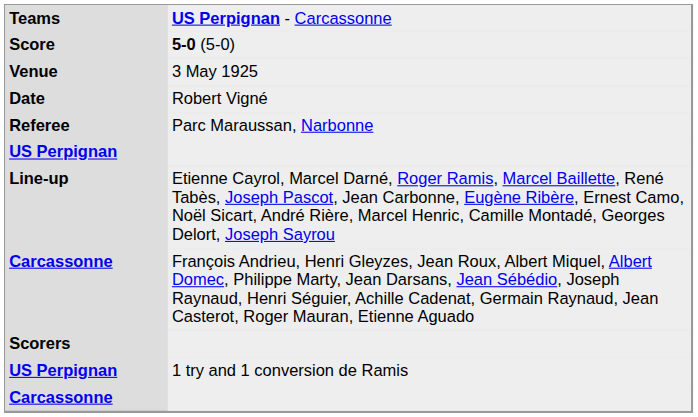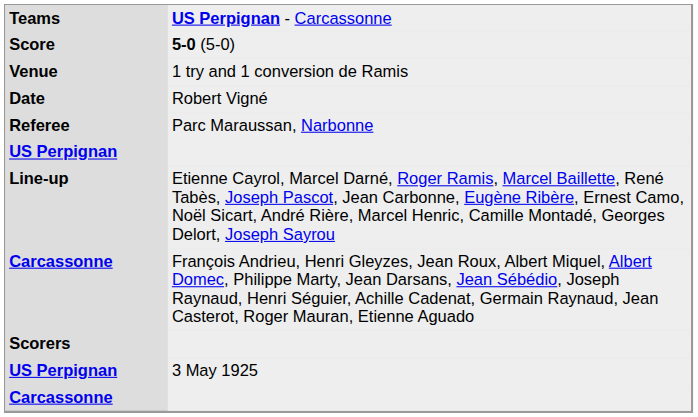 <table align="left" cellpadding="4" cellspacing="0"  style="margin: 0 0 0 0; border: 1px solid #999; border-right-width: 2px; border-bottom-width: 2px; background-color: #DDDDDD">
 <tr>
 <td width="150" valign="top"><strong>Teams</strong></td>
 <td width="500" bgcolor=#EEEEEE><strong><a href='#'>US Perpignan</a></strong> - <a href='#'>Carcassonne</a></td>
 </tr>
 <tr>
 <td valign="top"><strong>Score</strong></td>
 <td bgcolor=#EEEEEE><strong>5-0</strong> (5-0)</td>
 </tr>
 <tr>
 <td valign="top"><strong>Venue</strong></td>
-<td bgcolor=#EEEEEE>3 May 1925</td>
+<td bgcolor=#EEEEEE>1 try  and 1 conversion de Ramis</td>
 </tr>
 <tr>
 <td valign="top"><strong>Date</strong></td>
 <td bgcolor=#EEEEEE>Robert Vigné</td>
 </tr>
 <tr>
 <td valign="top"><strong>Referee</strong></td>
 <td bgcolor=#EEEEEE>Parc Maraussan, <a href='#'>Narbonne</a></td>
 </tr>
 <tr>
 <td valign="top"><strong><a href='#'>US Perpignan</a> </strong></td>
 <td bgcolor=#EEEEEE></td>
 </tr>
 <tr>
 <td valign="top"><strong>Line-up</strong></td>
 <td bgcolor=#EEEEEE>Etienne Cayrol, Marcel Darné, <a href='#'>Roger Ramis</a>, <a href='#'>Marcel Baillette</a>, René Tabès, <a href='#'>Joseph Pascot</a>, Jean Carbonne, <a href='#'>Eugène Ribère</a>, Ernest Camo, Noël Sicart, André Rière, Marcel Henric, Camille Montadé, Georges Delort, <a href='#'>Joseph Sayrou</a></td>
 </tr>
 <tr>
 <td valign="top"><strong><a href='#'>Carcassonne</a></strong></td>
 <td bgcolor=#EEEEEE>François Andrieu, Henri Gleyzes, Jean Roux, Albert Miquel, <a href='#'>Albert Domec</a>, Philippe Marty, Jean Darsans, <a href='#'>Jean Sébédio</a>, Joseph Raynaud, Henri Séguier, Achille Cadenat, Germain Raynaud, Jean Casterot, Roger Mauran, Etienne Aguado</td>
 </tr>
 <tr>
 <td valign="top"><strong>Scorers</strong></td>
 <td bgcolor=#EEEEEE></td>
 </tr>
 <tr>
 <td valign="top"><strong><a href='#'>US Perpignan</a> </strong></td>
-<td bgcolor=#EEEEEE>1 try  and 1 conversion de Ramis</td>
+<td bgcolor=#EEEEEE>3 May 1925</td>
 </tr>
 <tr>
 <td valign="top"><strong><a href='#'>Carcassonne</a> </strong></td>
 <td bgcolor=#EEEEEE></td>
 </tr>
 </table>
